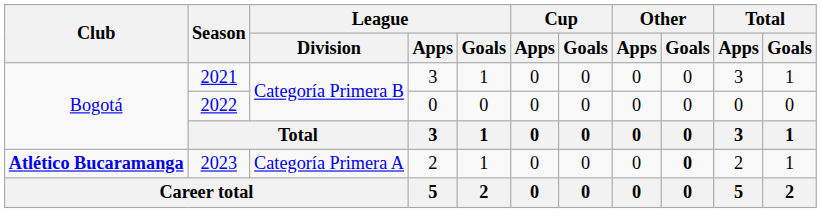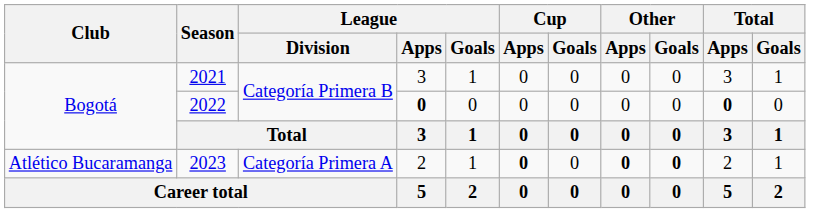 <table class=wikitable style=text-align:center>
 <tr>
 <th rowspan="2">Club</th>
 <th rowspan="2">Season</th>
 <th colspan="3">League</th>
 <th colspan="2">Cup</th>
 <th colspan="2">Other</th>
 <th colspan="2">Total</th>
 </tr>
 <tr>
 <th>Division</th>
 <th>Apps</th>
 <th>Goals</th>
 <th>Apps</th>
 <th>Goals</th>
 <th>Apps</th>
 <th>Goals</th>
 <th>Apps</th>
 <th>Goals</th>
 </tr>
 <tr>
 <td rowspan="3"><a href='#'>Bogotá</a></td>
 <td><a href='#'>2021</a></td>
 <td rowspan="2"><a href='#'>Categoría Primera B</a></td>
 <td>3</td>
 <td>1</td>
 <td>0</td>
 <td>0</td>
 <td>0</td>
 <td>0</td>
 <td>3</td>
 <td>1</td>
 </tr>
 <tr>
 <td><a href='#'>2022</a></td>
+<td><strong>0</strong></td>
 <td>0</td>
 <td>0</td>
 <td>0</td>
 <td>0</td>
 <td>0</td>
-<td>0</td>
-<td>0</td>
+<td><strong>0</strong></td>
 <td>0</td>
 </tr>
 <tr>
 <th colspan="2">Total</th>
 <th>3</th>
 <th>1</th>
 <th>0</th>
 <th>0</th>
 <th>0</th>
 <th>0</th>
 <th>3</th>
 <th>1</th>
 </tr>
 <tr>
-<td><strong><a href='#'>Atlético Bucaramanga</a></strong></td>
+<td><a href='#'>Atlético Bucaramanga</a></td>
 <td><a href='#'>2023</a></td>
 <td><a href='#'>Categoría Primera A</a></td>
 <td>2</td>
 <td>1</td>
+<td><strong>0</strong></td>
 <td>0</td>
-<td>0</td>
-<td>0</td>
+<td><strong>0</strong></td>
 <td><strong>0</strong></td>
 <td>2</td>
 <td>1</td>
 </tr>
 <tr>
 <th colspan="3">Career total</th>
 <th>5</th>
 <th>2</th>
 <th>0</th>
 <th>0</th>
 <th>0</th>
 <th>0</th>
 <th>5</th>
 <th>2</th>
 </tr>
 </table>
